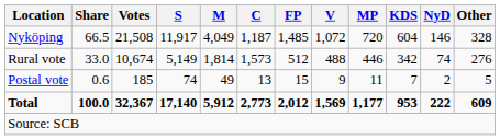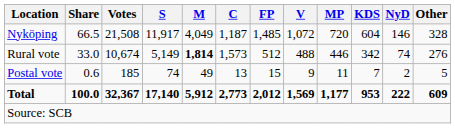 <table class="wikitable sortable" style=text-align:right>
 <tr>
 <th>Location</th>
 <th>Share</th>
 <th>Votes</th>
 <th><a href='#'>S</a></th>
 <th><a href='#'>M</a></th>
 <th><a href='#'>C</a></th>
 <th><a href='#'>FP</a></th>
 <th><a href='#'>V</a></th>
 <th><a href='#'>MP</a></th>
 <th><a href='#'>KDS</a></th>
 <th><a href='#'>NyD</a></th>
 <th>Other</th>
 </tr>
 <tr>
 <td align=left><a href='#'>Nyköping</a></td>
 <td>66.5</td>
 <td>21,508</td>
 <td>11,917</td>
 <td>4,049</td>
 <td>1,187</td>
 <td>1,485</td>
 <td>1,072</td>
 <td>720</td>
 <td>604</td>
 <td>146</td>
 <td>328</td>
 </tr>
 <tr>
 <td align=left>Rural vote</td>
 <td>33.0</td>
 <td>10,674</td>
 <td>5,149</td>
-<td>1,814</td>
+<td><strong>1,814</strong></td>
 <td>1,573</td>
 <td>512</td>
 <td>488</td>
 <td>446</td>
 <td>342</td>
 <td>74</td>
 <td>276</td>
 </tr>
 <tr>
 <td align=left><a href='#'>Postal vote</a></td>
 <td>0.6</td>
 <td>185</td>
 <td>74</td>
 <td>49</td>
 <td>13</td>
 <td>15</td>
 <td>9</td>
 <td>11</td>
 <td>7</td>
 <td>2</td>
 <td>5</td>
 </tr>
 <tr>
 <td align=left><strong>Total</strong></td>
 <td><strong>100.0</strong></td>
 <td><strong>32,367</strong></td>
 <td><strong>17,140</strong></td>
 <td><strong>5,912</strong></td>
 <td><strong>2,773</strong></td>
 <td><strong>2,012</strong></td>
 <td><strong>1,569</strong></td>
 <td><strong>1,177</strong></td>
 <td><strong>953</strong></td>
 <td><strong>222</strong></td>
 <td><strong>609</strong></td>
 </tr>
 <tr>
 <td align=left colspan=12>Source: SCB </td>
 </tr>
 </table>
